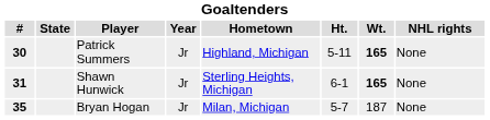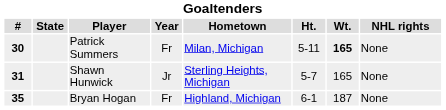 <table width=70%>
 <tr>
 <th colspan=10 style="text-align:center;"><big>Goaltenders</big></th>
 </tr>
 <tr style="background: #dddddd;">
 <th width=5%>#</th>
 <th width=5%>State</th>
 <th width=15%><strong>Player</strong></th>
 <th width=5%>Year</th>
 <th width=20%>Hometown</th>
 <th width=6%>Ht.</th>
 <th width=6%>Wt.</th>
 <th width=15%>NHL rights</th>
 </tr>
 <tr style="background: #eeeeee">
 <td style="text-align:center;"><strong>30</strong></td>
 <td style="text-align:center;"></td>
 <td>Patrick Summers</td>
-<td style="text-align:center;">Jr</td>
-<td><a href='#'>Highland, Michigan</a></td>
+<td style="text-align:center;">Fr</td>
+<td><a href='#'>Milan, Michigan</a></td>
 <td style="text-align:center;">5-11</td>
 <td style="text-align:center;"><strong>165</strong></td>
 <td>None</td>
 </tr>
 <tr style="background: #eeeeee">
 <td style="text-align:center;"><strong>31</strong></td>
 <td style="text-align:center;"></td>
 <td>Shawn Hunwick</td>
 <td style="text-align:center;">Jr</td>
 <td><a href='#'>Sterling Heights, Michigan</a></td>
-<td style="text-align:center;">6-1</td>
-<td style="text-align:center;"><strong>165</strong></td>
+<td style="text-align:center;">5-7</td>
+<td style="text-align:center;">165</td>
 <td>None</td>
 </tr>
 <tr style="background: #eeeeee">
 <td style="text-align:center;"><strong>35</strong></td>
 <td style="text-align:center;"></td>
 <td>Bryan Hogan</td>
-<td style="text-align:center;">Jr</td>
-<td><a href='#'>Milan, Michigan</a></td>
-<td style="text-align:center;">5-7</td>
+<td style="text-align:center;">Fr</td>
+<td><a href='#'>Highland, Michigan</a></td>
+<td style="text-align:center;">6-1</td>
 <td style="text-align:center;">187</td>
 <td>None</td>
 </tr>
 </table>
